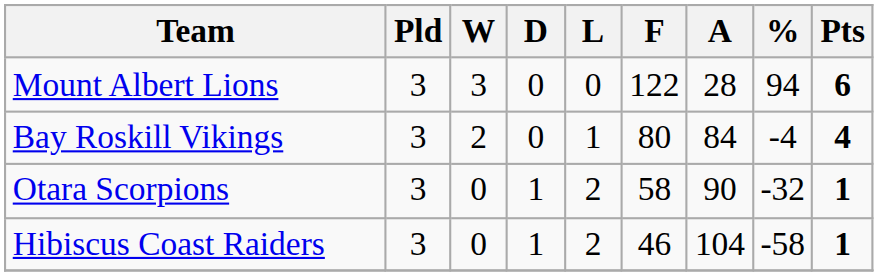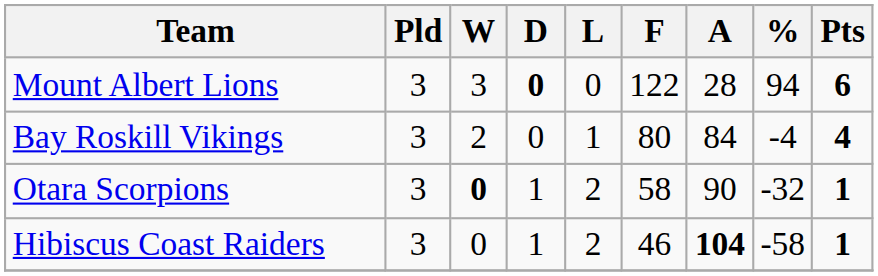 <table class="wikitable" style="text-align:center;">
 <tr>
 <th width=175>Team</th>
 <th width=20 abbr="Played">Pld</th>
 <th width=20 abbr="Won">W</th>
 <th width=20 abbr="Drawn">D</th>
 <th width=20 abbr="Lost">L</th>
 <th width=20 abbr="For">F</th>
 <th width=20 abbr="Against">A</th>
 <th width=20 abbr="Points">%</th>
 <th width=20 abbr="Points">Pts</th>
 </tr>
 <tr>
 <td style="text-align:left;"><a href='#'>Mount Albert Lions</a></td>
 <td>3</td>
 <td>3</td>
-<td>0</td>
+<td><strong>0</strong></td>
 <td>0</td>
 <td>122</td>
 <td>28</td>
 <td>94</td>
 <td><strong>6</strong></td>
 </tr>
 <tr>
 <td style="text-align:left;"><a href='#'>Bay Roskill Vikings</a></td>
 <td>3</td>
 <td>2</td>
 <td>0</td>
 <td>1</td>
 <td>80</td>
 <td>84</td>
 <td>-4</td>
 <td><strong>4</strong></td>
 </tr>
 <tr>
 <td style="text-align:left;"><a href='#'>Otara Scorpions</a></td>
 <td>3</td>
-<td>0</td>
+<td><strong>0</strong></td>
 <td>1</td>
 <td>2</td>
 <td>58</td>
 <td>90</td>
 <td>-32</td>
 <td><strong>1</strong></td>
 </tr>
 <tr>
 <td style="text-align:left;"><a href='#'>Hibiscus Coast Raiders</a></td>
 <td>3</td>
 <td>0</td>
 <td>1</td>
 <td>2</td>
 <td>46</td>
-<td>104</td>
+<td><strong>104</strong></td>
 <td>-58</td>
 <td><strong>1</strong></td>
 </tr>
 <tr>
 </tr>
 </table>
